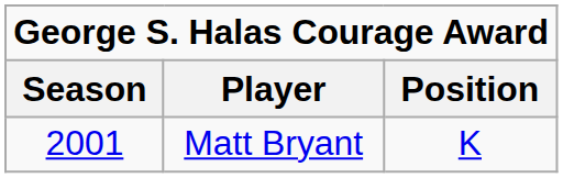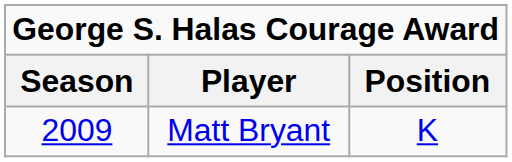 <table class="wikitable" style="text-align:center">
 <tr>
 <td colspan="3"><strong>George S. Halas Courage Award</strong></td>
 </tr>
 <tr>
 <th>Season</th>
 <th>Player</th>
 <th>Position</th>
 </tr>
 <tr>
-<td><a href='#'>2001</a></td>
+<td><a href='#'>2009</a></td>
 <td><a href='#'>Matt Bryant</a></td>
 <td><a href='#'>K</a></td>
 </tr>
 </table>
